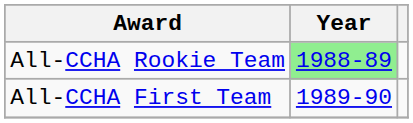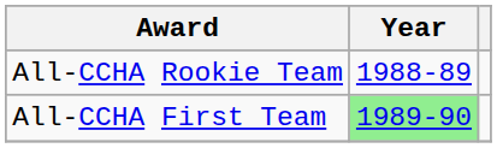 <table class="wikitable">
 <tr>
 <th>Award</th>
 <th>Year</th>
 <th></th>
 </tr>
 <tr>
 <td>All-<a href='#'>CCHA</a> <a href='#'>Rookie Team</a></td>
-<td style="background: lightgreen;"><a href='#'>1988-89</a></td>
+<td><a href='#'>1988-89</a></td>
 <td></td>
 </tr>
 <tr>
 <td>All-<a href='#'>CCHA</a> <a href='#'>First Team</a></td>
-<td><a href='#'>1989-90</a></td>
+<td style="background: lightgreen;"><a href='#'>1989-90</a></td>
 <td></td>
 </tr>
 <tr>
 </tr>
 </table>
